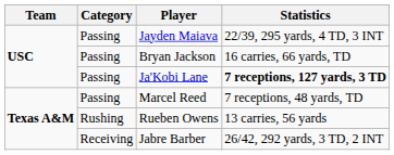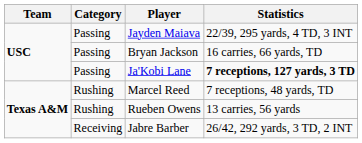 <table class="wikitable" style="float: right;">
 <tr>
 <th>Team</th>
 <th>Category</th>
 <th>Player</th>
 <th>Statistics</th>
 </tr>
 <tr>
 <td rowspan=3><strong>USC</strong></td>
 <td>Passing</td>
 <td><a href='#'>Jayden Maiava</a></td>
 <td>22/39, 295 yards, 4 TD, 3 INT</td>
 </tr>
 <tr>
 <td>Passing</td>
 <td>Bryan Jackson</td>
 <td>16 carries, 66 yards, TD</td>
 </tr>
 <tr>
 <td>Passing</td>
 <td><a href='#'>Ja'Kobi Lane</a></td>
 <td><strong>7 receptions, 127 yards, 3 TD</strong></td>
 </tr>
 <tr>
 <td rowspan=3><strong>Texas A&M</strong></td>
-<td>Passing</td>
+<td>Rushing</td>
 <td>Marcel Reed</td>
 <td>7 receptions, 48 yards, TD</td>
 </tr>
 <tr>
 <td>Rushing</td>
 <td>Rueben Owens</td>
 <td>13 carries, 56 yards</td>
 </tr>
 <tr>
 <td>Receiving</td>
 <td>Jabre Barber</td>
 <td>26/42, 292 yards, 3 TD, 2 INT</td>
 </tr>
 </table>
